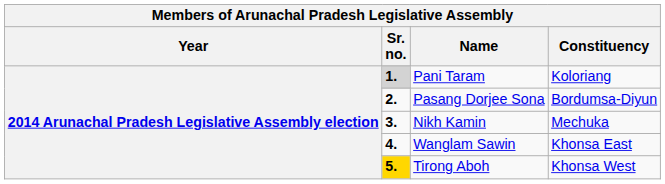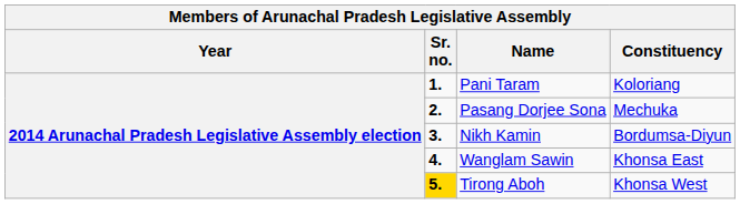 <table class="wikitable sortable">
 <tr>
 <th colspan="4">Members of Arunachal Pradesh Legislative Assembly</th>
 </tr>
 <tr>
 <th>Year</th>
 <th>Sr.<br>no.</th>
 <th>Name</th>
 <th>Constituency</th>
 </tr>
 <tr>
 <th rowspan="5"><a href='#'>2014 Arunachal Pradesh Legislative Assembly election</a></th>
-<td style="background: lightgrey;"><strong>1.</strong></td>
+<td><strong>1.</strong></td>
 <td><a href='#'>Pani Taram</a></td>
 <td><a href='#'>Koloriang</a></td>
 </tr>
 <tr>
 <td><strong>2.</strong></td>
 <td><a href='#'>Pasang Dorjee Sona</a></td>
-<td><a href='#'>Bordumsa-Diyun</a></td>
+<td><a href='#'>Mechuka</a></td>
 </tr>
 <tr>
 <td><strong>3.</strong></td>
 <td><a href='#'>Nikh Kamin</a></td>
-<td><a href='#'>Mechuka</a></td>
+<td><a href='#'>Bordumsa-Diyun</a></td>
 </tr>
 <tr>
 <td><strong>4.</strong></td>
 <td><a href='#'>Wanglam Sawin</a></td>
 <td><a href='#'>Khonsa East</a></td>
 </tr>
 <tr>
 <td style="background: gold;"><strong>5.</strong></td>
 <td><a href='#'>Tirong Aboh</a></td>
 <td><a href='#'>Khonsa West</a></td>
 </tr>
 </table>
